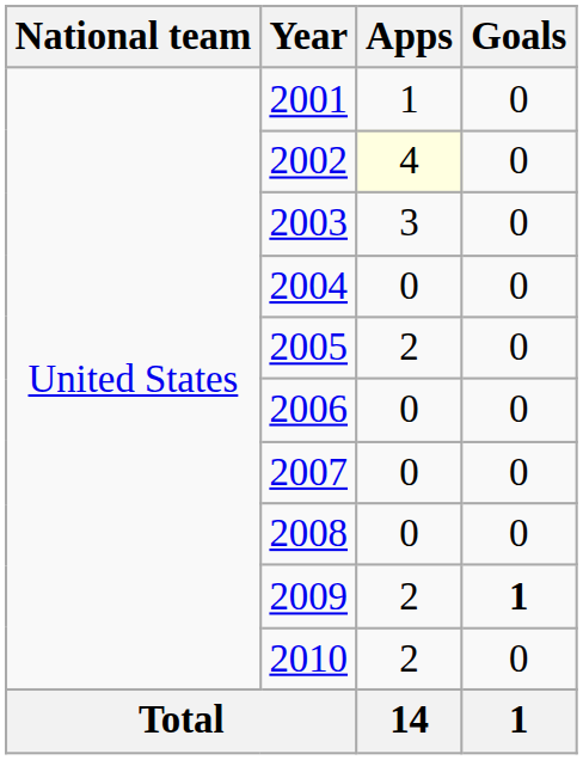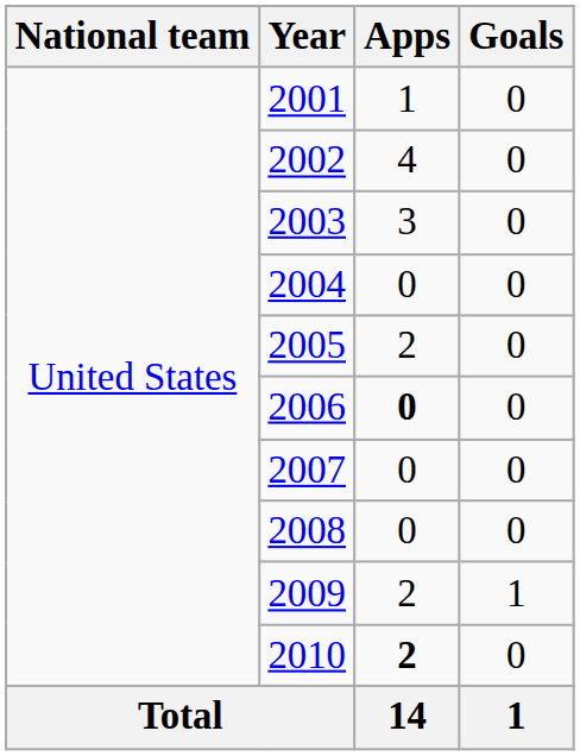 <table class="wikitable" style="text-align:center">
 <tr>
 <th>National team</th>
 <th>Year</th>
 <th>Apps</th>
 <th>Goals</th>
 </tr>
 <tr>
 <td rowspan="10"><a href='#'>United States</a></td>
 <td><a href='#'>2001</a></td>
 <td>1</td>
 <td>0</td>
 </tr>
 <tr>
 <td><a href='#'>2002</a></td>
-<td style="background: lightyellow;">4</td>
+<td>4</td>
 <td>0</td>
 </tr>
 <tr>
 <td><a href='#'>2003</a></td>
 <td>3</td>
 <td>0</td>
 </tr>
 <tr>
 <td><a href='#'>2004</a></td>
 <td>0</td>
 <td>0</td>
 </tr>
 <tr>
 <td><a href='#'>2005</a></td>
 <td>2</td>
 <td>0</td>
 </tr>
 <tr>
 <td><a href='#'>2006</a></td>
-<td>0</td>
+<td><strong>0</strong></td>
 <td>0</td>
 </tr>
 <tr>
 <td><a href='#'>2007</a></td>
 <td>0</td>
 <td>0</td>
 </tr>
 <tr>
 <td><a href='#'>2008</a></td>
 <td>0</td>
 <td>0</td>
 </tr>
 <tr>
 <td><a href='#'>2009</a></td>
 <td>2</td>
-<td><strong>1</strong></td>
+<td>1</td>
 </tr>
 <tr>
 <td><a href='#'>2010</a></td>
-<td>2</td>
+<td><strong>2</strong></td>
 <td>0</td>
 </tr>
 <tr>
 <th colspan="2">Total</th>
 <th>14</th>
 <th>1</th>
 </tr>
 </table>
